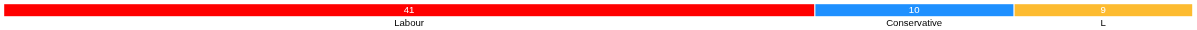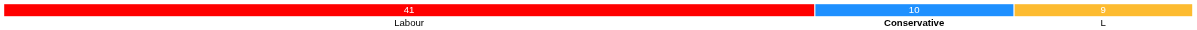 <table style="width:100%; text-align:center;">
 <tr style="color:white;">
 <td style="background:red; width:68.3%;">41</td>
 <td style="background:dodgerblue; width:16.7%;">10</td>
 <td style="background:#FDBB30; width:15%;">9</td>
 </tr>
 <tr>
 <td><span>Labour</span></td>
-<td><span>Conservative</span></td>
+<td><strong><span>Conservative</span></strong></td>
 <td><span>L</span></td>
 </tr>
 </table>
